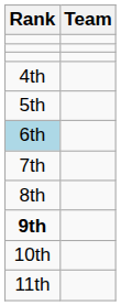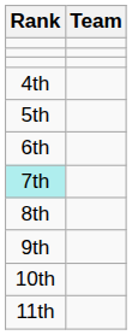 <table class=wikitable style="text-align:center;">
 <tr>
 <th>Rank</th>
 <th>Team</th>
 </tr>
 <tr>
 <td></td>
 <td align=left></td>
 </tr>
 <tr>
 <td></td>
 <td align=left></td>
 </tr>
 <tr>
 <td></td>
 <td align=left></td>
 </tr>
 <tr>
 <td>4th</td>
 <td align=left></td>
 </tr>
 <tr>
 <td>5th</td>
 <td align=left></td>
 </tr>
 <tr>
-<td style="background: lightblue;">6th</td>
+<td>6th</td>
 <td align=left></td>
 </tr>
 <tr>
-<td>7th</td>
+<td style="background: paleturquoise;">7th</td>
 <td align=left></td>
 </tr>
 <tr>
 <td>8th</td>
 <td align=left></td>
 </tr>
 <tr>
-<td><strong>9th</strong></td>
+<td>9th</td>
 <td align=left></td>
 </tr>
 <tr>
 <td>10th</td>
 <td align=left></td>
 </tr>
 <tr>
 <td>11th</td>
 <td align=left></td>
 </tr>
 </table>
